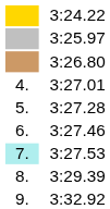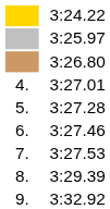 <table style="text-align:center">
 <tr>
 <td width=30 bgcolor=gold></td>
 <td align=left></td>
 <td width=60>3:24.22</td>
 </tr>
 <tr>
 <td bgcolor=silver></td>
 <td align=left></td>
 <td>3:25.97</td>
 </tr>
 <tr>
 <td bgcolor=cc9966></td>
 <td align=left></td>
 <td>3:26.80</td>
 </tr>
 <tr>
 <td>4.</td>
 <td align=left></td>
 <td>3:27.01</td>
 </tr>
 <tr>
 <td>5.</td>
 <td align=left></td>
 <td>3:27.28</td>
 </tr>
 <tr>
 <td>6.</td>
 <td align=left></td>
 <td>3:27.46</td>
 </tr>
 <tr>
-<td style="background: paleturquoise;">7.</td>
+<td>7.</td>
 <td align=left></td>
 <td>3:27.53</td>
 </tr>
 <tr>
 <td>8.</td>
 <td align=left></td>
 <td>3:29.39</td>
 </tr>
 <tr>
 <td>9.</td>
 <td align=left></td>
 <td>3:32.92</td>
 </tr>
 </table>
